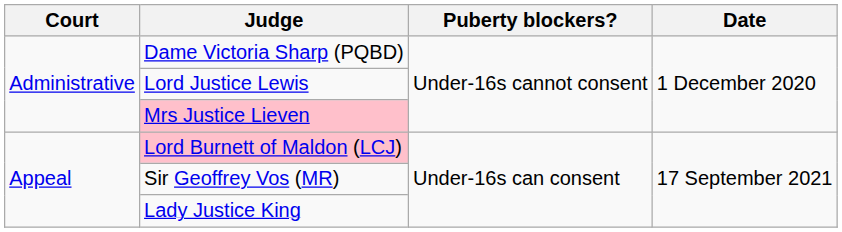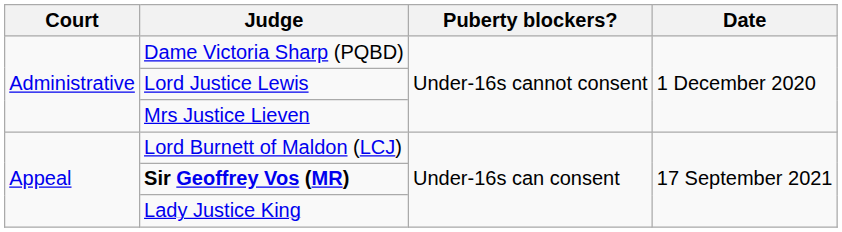 <table class="wikitable sortable">
 <tr>
 <th>Court</th>
 <th>Judge</th>
 <th>Puberty blockers?</th>
 <th>Date</th>
 </tr>
 <tr>
 <td rowspan=3><a href='#'>Administrative</a><br></td>
 <td><a href='#'>Dame Victoria Sharp</a> (PQBD)</td>
 <td rowspan=3>Under-16s cannot consent</td>
 <td rowspan=3>1 December 2020</td>
 </tr>
 <tr>
 <td><a href='#'>Lord Justice Lewis</a></td>
 </tr>
 <tr>
-<td style="background: pink;"><a href='#'>Mrs Justice Lieven</a></td>
+<td><a href='#'>Mrs Justice Lieven</a></td>
 </tr>
 <tr>
 <td rowspan=11><a href='#'>Appeal</a><br></td>
-<td style="background: pink;"><a href='#'>Lord Burnett of Maldon</a> (<a href='#'>LCJ</a>)</td>
+<td><a href='#'>Lord Burnett of Maldon</a> (<a href='#'>LCJ</a>)</td>
 <td rowspan=3>Under-16s can consent</td>
 <td rowspan=3>17 September 2021</td>
 </tr>
 <tr>
-<td>Sir <a href='#'>Geoffrey Vos</a> (<a href='#'>MR</a>)</td>
+<td><strong>Sir <a href='#'>Geoffrey Vos</a> (<a href='#'>MR</a>)</strong></td>
 </tr>
 <tr>
 <td><a href='#'>Lady Justice King</a></td>
 </tr>
 </table>
